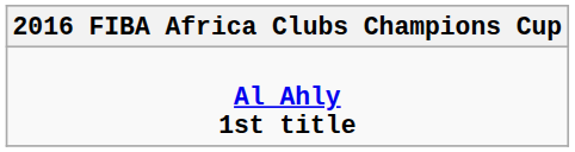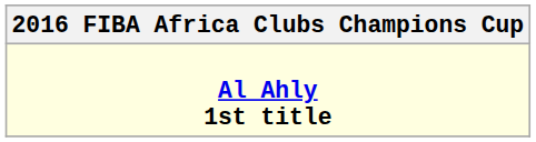 <table class=wikitable style="text-align:center; margin:auto">
 <tr>
 <th>2016 FIBA Africa Clubs Champions Cup</th>
 </tr>
 <tr>
-<td><br><strong><a href='#'>Al Ahly</a></strong><br><strong>1st title</strong></td>
+<td style="background: lightyellow;"><br><strong><a href='#'>Al Ahly</a></strong><br><strong>1st title</strong></td>
 </tr>
 </table>
